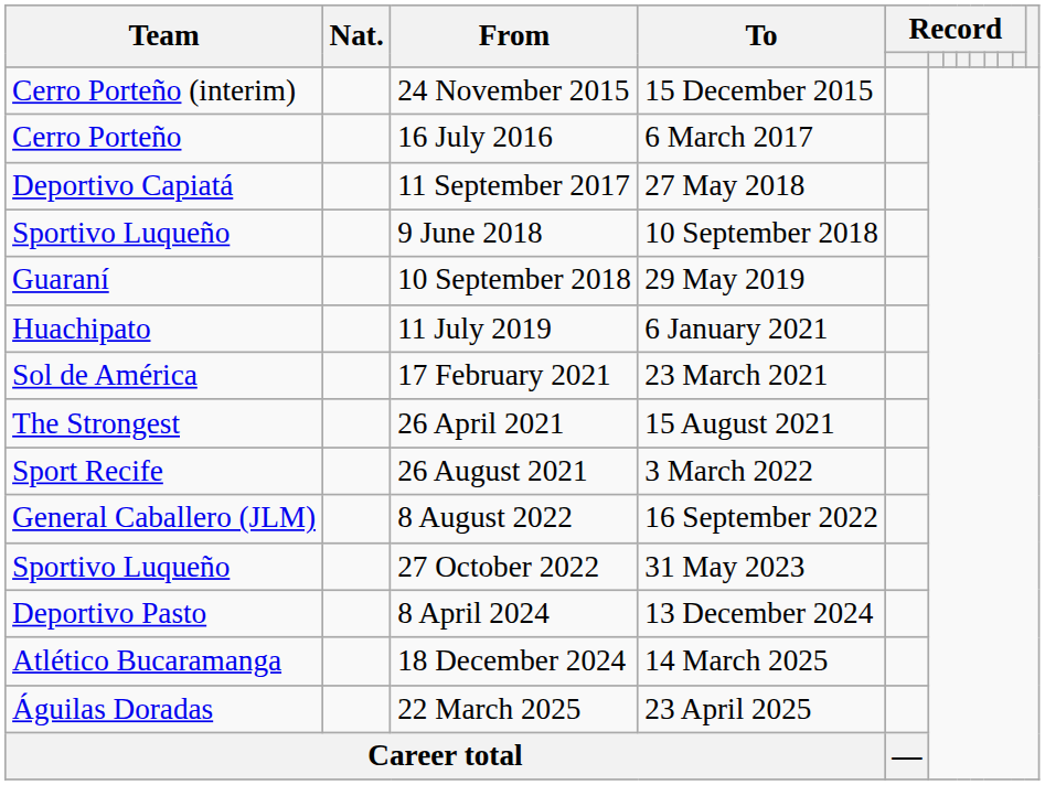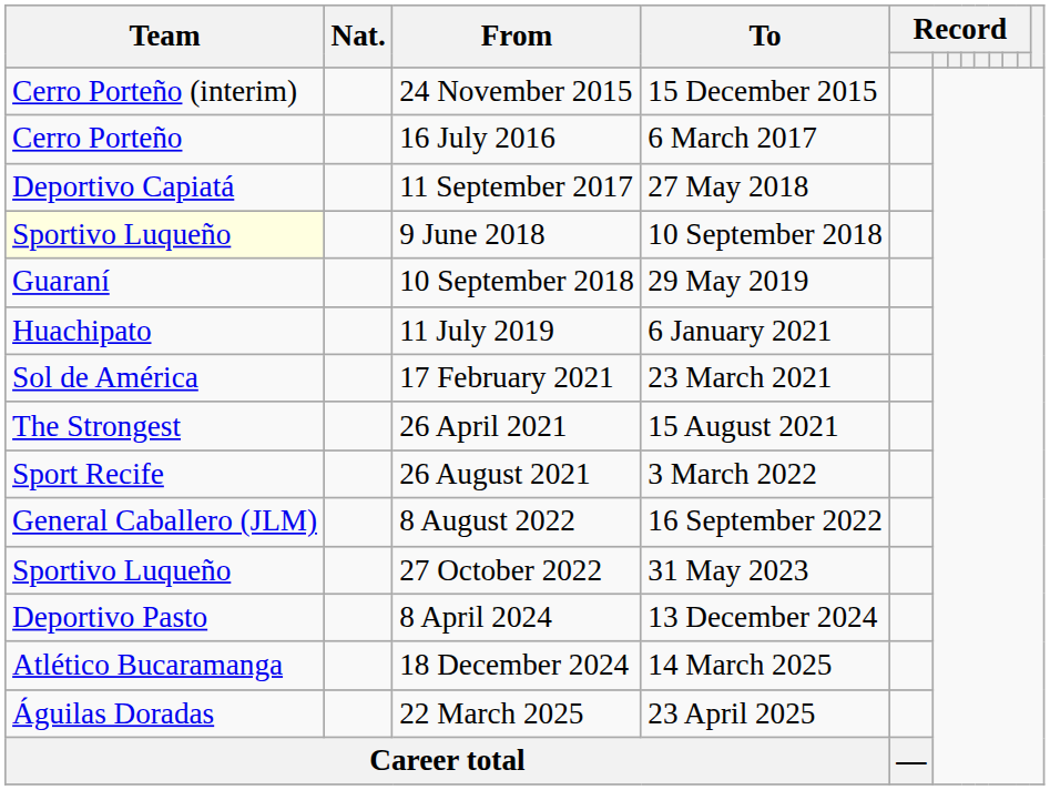 <table class="wikitable" style="text-align: center">
 <tr>
 <th rowspan="2">Team</th>
 <th rowspan="2">Nat.</th>
 <th rowspan="2">From</th>
 <th rowspan="2">To</th>
 <th colspan="8">Record</th>
 <th rowspan=2></th>
 </tr>
 <tr>
 <th></th>
 <th></th>
 <th></th>
 <th></th>
 <th></th>
 <th></th>
 <th></th>
 <th></th>
 </tr>
 <tr>
 <td align="left"><a href='#'>Cerro Porteño</a> (interim)</td>
 <td></td>
 <td align=left>24 November 2015</td>
 <td align=left>15 December 2015<br></td>
 <td></td>
 </tr>
 <tr>
 <td align="left"><a href='#'>Cerro Porteño</a></td>
 <td></td>
 <td align=left>16 July 2016</td>
 <td align=left>6 March 2017<br></td>
 <td></td>
 </tr>
 <tr>
 <td align="left"><a href='#'>Deportivo Capiatá</a></td>
 <td></td>
 <td align=left>11 September 2017</td>
 <td align=left>27 May 2018<br></td>
 <td></td>
 </tr>
 <tr>
-<td align="left"><a href='#'>Sportivo Luqueño</a></td>
+<td align="left" style="background: lightyellow;"><a href='#'>Sportivo Luqueño</a></td>
 <td></td>
 <td align=left>9 June 2018</td>
 <td align=left>10 September 2018<br></td>
 <td></td>
 </tr>
 <tr>
 <td align="left"><a href='#'>Guaraní</a></td>
 <td></td>
 <td align=left>10 September 2018</td>
 <td align=left>29 May 2019<br></td>
 <td></td>
 </tr>
 <tr>
 <td align="left"><a href='#'>Huachipato</a></td>
 <td></td>
 <td align=left>11 July 2019</td>
 <td align=left>6 January 2021<br></td>
 <td></td>
 </tr>
 <tr>
 <td align="left"><a href='#'>Sol de América</a></td>
 <td></td>
 <td align=left>17 February 2021</td>
 <td align=left>23 March 2021<br></td>
 <td></td>
 </tr>
 <tr>
 <td align="left"><a href='#'>The Strongest</a></td>
 <td></td>
 <td align=left>26 April 2021</td>
 <td align=left>15 August 2021<br></td>
 <td></td>
 </tr>
 <tr>
 <td align="left"><a href='#'>Sport Recife</a></td>
 <td></td>
 <td align=left>26 August 2021</td>
 <td align=left>3 March 2022<br></td>
 <td></td>
 </tr>
 <tr>
 <td align="left"><a href='#'>General Caballero (JLM)</a></td>
 <td></td>
 <td align=left>8 August 2022</td>
 <td align=left>16 September 2022<br></td>
 <td></td>
 </tr>
 <tr>
 <td align="left"><a href='#'>Sportivo Luqueño</a></td>
 <td></td>
 <td align=left>27 October 2022</td>
 <td align=left>31 May 2023<br></td>
 <td></td>
 </tr>
 <tr>
 <td align="left"><a href='#'>Deportivo Pasto</a></td>
 <td></td>
 <td align=left>8 April 2024</td>
 <td align=left>13 December 2024<br></td>
 <td></td>
 </tr>
 <tr>
 <td align="left"><a href='#'>Atlético Bucaramanga</a></td>
 <td></td>
 <td align=left>18 December 2024</td>
 <td align=left>14 March 2025<br></td>
 <td></td>
 </tr>
 <tr>
 <td align="left"><a href='#'>Águilas Doradas</a></td>
 <td></td>
 <td align=left>22 March 2025</td>
 <td align=left>23 April 2025<br></td>
 <td></td>
 </tr>
 <tr>
 <th colspan=4><strong>Career total</strong><br></th>
 <th>—</th>
 </tr>
 </table>
